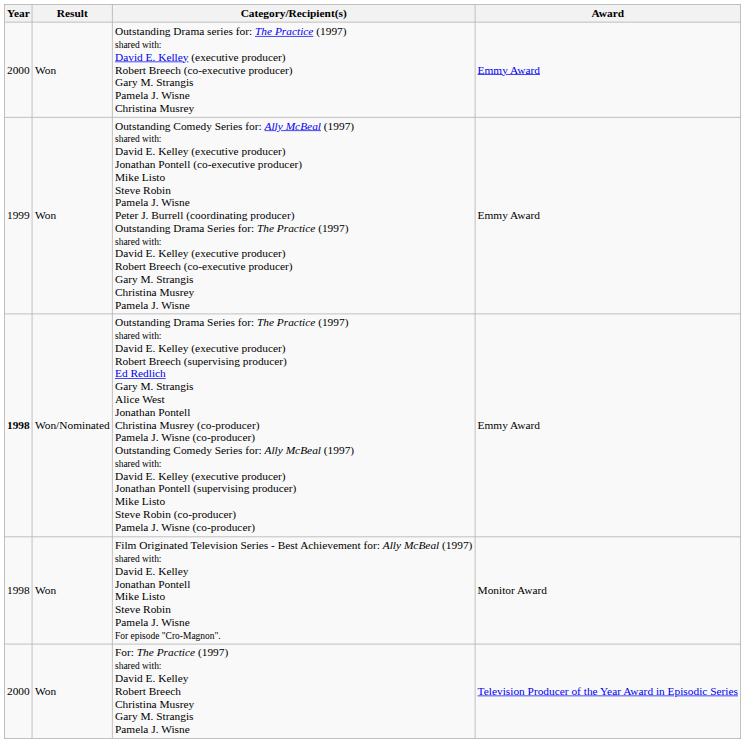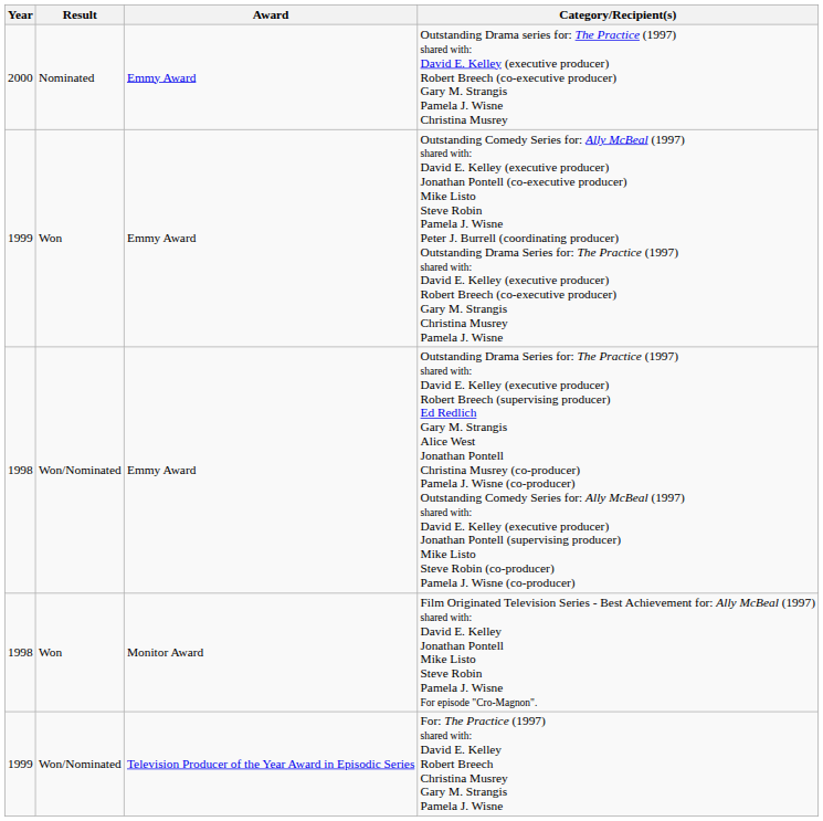 <table class="wikitable">
 <tr>
 <th>Year</th>
 <th>Result</th>
+<th>Award</th>
 <th>Category/Recipient(s)</th>
-<th>Award</th>
 </tr>
 <tr>
 <td>2000</td>
-<td>Won</td>
+<td>Nominated</td>
+<td><a href='#'>Emmy Award</a></td>
 <td>Outstanding Drama series for: <em><a href='#'>The Practice</a></em> (1997)<br> <small>shared with:</small><br> <a href='#'>David E. Kelley</a> (executive producer)<br> Robert Breech (co-executive producer)<br> Gary M. Strangis<br> Pamela J. Wisne<br> Christina Musrey</td>
-<td><a href='#'>Emmy Award</a></td>
 </tr>
 <tr>
 <td>1999</td>
 <td>Won</td>
+<td>Emmy Award</td>
 <td>Outstanding Comedy Series for: <em><a href='#'>Ally McBeal</a></em> (1997)<br> <small>shared with:</small><br> David E. Kelley (executive producer)<br> Jonathan Pontell (co-executive producer)<br> Mike Listo<br> Steve Robin<br> Pamela J. Wisne<br> Peter J. Burrell (coordinating producer)<br> Outstanding Drama Series for: <em>The Practice</em> (1997)<br> <small>shared with:</small><br> David E. Kelley (executive producer)<br> Robert Breech (co-executive producer)<br> Gary M. Strangis<br> Christina Musrey<br> Pamela J. Wisne</td>
-<td>Emmy Award</td>
 </tr>
 <tr>
-<td><strong>1998</strong></td>
+<td>1998</td>
 <td>Won/Nominated</td>
+<td>Emmy Award</td>
 <td>Outstanding Drama Series for: <em>The Practice</em> (1997)<br> <small>shared with:</small><br> David E. Kelley (executive producer)<br> Robert Breech (supervising producer)<br> <a href='#'>Ed Redlich</a><br> Gary M. Strangis<br> Alice West<br> Jonathan Pontell<br> Christina Musrey (co-producer)<br> Pamela J. Wisne (co-producer)<br> Outstanding Comedy Series for: <em>Ally McBeal</em> (1997)<br> <small>shared with:</small><br> David E. Kelley (executive producer)<br> Jonathan Pontell (supervising producer)<br> Mike Listo<br> Steve Robin (co-producer)<br> Pamela J. Wisne (co-producer)</td>
-<td>Emmy Award</td>
 </tr>
 <tr>
 <td>1998</td>
 <td>Won</td>
+<td>Monitor Award</td>
 <td>Film Originated Television Series - Best Achievement for: <em>Ally McBeal</em> (1997)<br> <small>shared with:</small><br> David E. Kelley<br> Jonathan Pontell<br> Mike Listo<br> Steve Robin<br> Pamela J. Wisne<br> <small>For episode "Cro-Magnon".</small></td>
-<td>Monitor Award</td>
 </tr>
 <tr>
-<td>2000</td>
-<td>Won</td>
+<td>1999</td>
+<td>Won/Nominated</td>
+<td><a href='#'>Television Producer of the Year Award in Episodic Series</a></td>
 <td>For: <em>The Practice</em> (1997)<br> <small>shared with:</small><br> David E. Kelley<br> Robert Breech<br> Christina Musrey<br> Gary M. Strangis<br> Pamela J. Wisne</td>
-<td><a href='#'>Television Producer of the Year Award in Episodic Series</a></td>
 </tr>
 </table>
